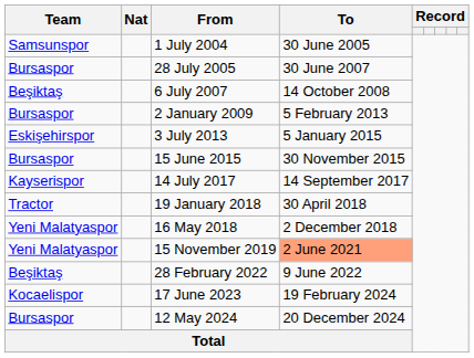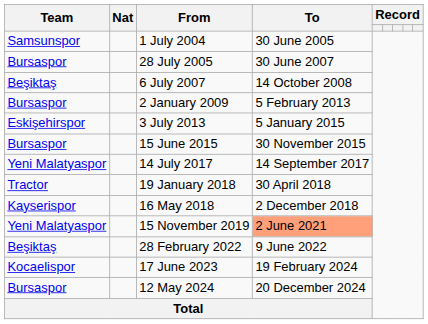 <table class="wikitable" style="text-align: center">
 <tr>
 <th rowspan="2">Team</th>
 <th rowspan="2">Nat</th>
 <th rowspan="2">From</th>
 <th rowspan="2">To</th>
 <th colspan="8">Record</th>
 </tr>
 <tr>
 <th></th>
 <th></th>
 <th></th>
 <th></th>
 <th></th>
 </tr>
 <tr>
 <td align="left"><a href='#'>Samsunspor</a></td>
 <td></td>
 <td align="left">1 July 2004</td>
 <td align="left">30 June 2005<br></td>
 </tr>
 <tr>
 <td align="left"><a href='#'>Bursaspor</a></td>
 <td></td>
 <td align="left">28 July 2005</td>
 <td align="left">30 June 2007<br></td>
 </tr>
 <tr>
 <td align="left"><a href='#'>Beşiktaş</a></td>
 <td></td>
 <td align="left">6 July 2007</td>
 <td align="left">14 October 2008<br></td>
 </tr>
 <tr>
 <td align="left"><a href='#'>Bursaspor</a></td>
 <td></td>
 <td align="left">2 January 2009</td>
 <td align="left">5 February 2013<br></td>
 </tr>
 <tr>
 <td align="left"><a href='#'>Eskişehirspor</a></td>
 <td></td>
 <td align="left">3 July 2013</td>
 <td align="left">5 January 2015<br></td>
 </tr>
 <tr>
 <td align="left"><a href='#'>Bursaspor</a></td>
 <td></td>
 <td align="left">15 June 2015</td>
 <td align="left">30 November 2015<br></td>
 </tr>
 <tr>
-<td align="left"><a href='#'>Kayserispor</a></td>
+<td align="left"><a href='#'>Yeni Malatyaspor</a></td>
 <td></td>
 <td align="left">14 July 2017</td>
 <td align="left">14 September 2017<br></td>
 </tr>
 <tr>
 <td align="left"><a href='#'>Tractor</a></td>
 <td></td>
 <td align="left">19 January 2018</td>
 <td align="left">30 April 2018<br></td>
 </tr>
 <tr>
-<td align="left"><a href='#'>Yeni Malatyaspor</a></td>
+<td align="left"><a href='#'>Kayserispor</a></td>
 <td></td>
 <td align="left">16 May 2018</td>
 <td align="left">2 December 2018<br></td>
 </tr>
 <tr>
 <td align="left"><a href='#'>Yeni Malatyaspor</a></td>
 <td></td>
 <td align="left">15 November 2019</td>
 <td align="left" style="background: lightsalmon;">2 June 2021<br></td>
 </tr>
 <tr>
 <td align="left"><a href='#'>Beşiktaş</a></td>
 <td></td>
 <td align="left">28 February 2022</td>
 <td align="left">9 June 2022<br></td>
 </tr>
 <tr>
 <td align="left"><a href='#'>Kocaelispor</a></td>
 <td></td>
 <td align="left">17 June 2023</td>
 <td align="left">19 February 2024<br></td>
 </tr>
 <tr>
 <td align="left"><a href='#'>Bursaspor</a></td>
 <td></td>
 <td align="left">12 May 2024</td>
 <td align="left">20 December 2024<br></td>
 </tr>
 <tr>
 <th colspan="4">Total<br></th>
 </tr>
 </table>
